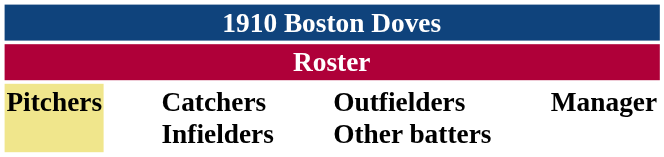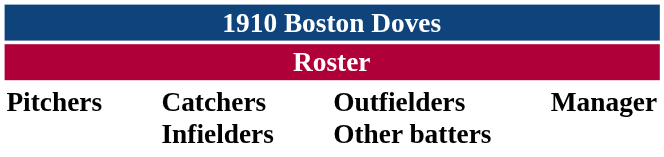 <table class="toccolours" style="font-size: 95%;">
 <tr>
 <th colspan="10" style="background-color: #0f437c; color: white; text-align: center;">1910 Boston Doves</th>
 </tr>
 <tr>
 <td colspan="10" style="background-color: #af0039; color: white; text-align: center;"><strong>Roster</strong></td>
 </tr>
 <tr>
-<td valign="top" style="background: khaki;"><strong>Pitchers</strong><br>           </td>
+<td valign="top"><strong>Pitchers</strong><br>           </td>
 <td width="25px"></td>
 <td valign="top"><strong>Catchers</strong><br>    <strong>Infielders</strong>        </td>
 <td width="25px"></td>
 <td valign="top"><strong>Outfielders</strong><br>        <strong>Other batters</strong>   </td>
 <td width="25px"></td>
 <td valign="top"><strong>Manager</strong><br></td>
 </tr>
 </table>
